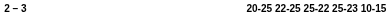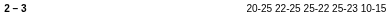 <table width=100% cellspacing=1>
 <tr>
 <th width=20%></th>
 <th width=12%></th>
 <th width=20%></th>
 <th width=33%></th>
 <td></td>
 </tr>
 <tr style=font-size:90%>
 <td align=right></td>
 <td align=center><strong>2 – 3</strong></td>
 <td><strong></strong></td>
-<td><strong>20-25 22-25 25-22 25-23 10-15</strong></td>
+<td>20-25 22-25 25-22 25-23 10-15</td>
 </tr>
 </table>
